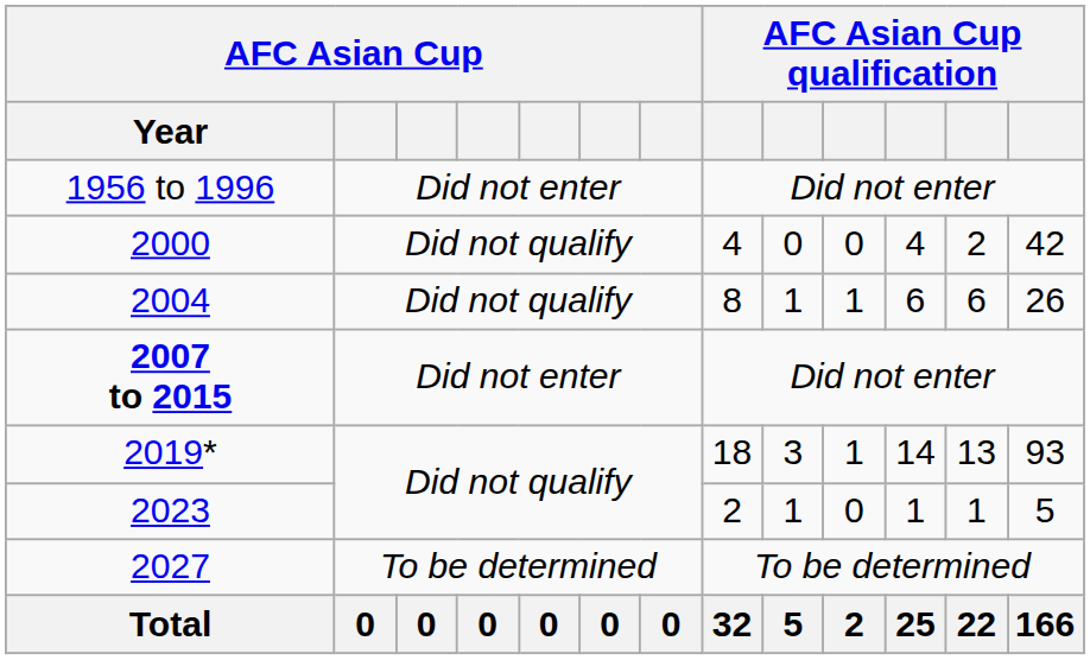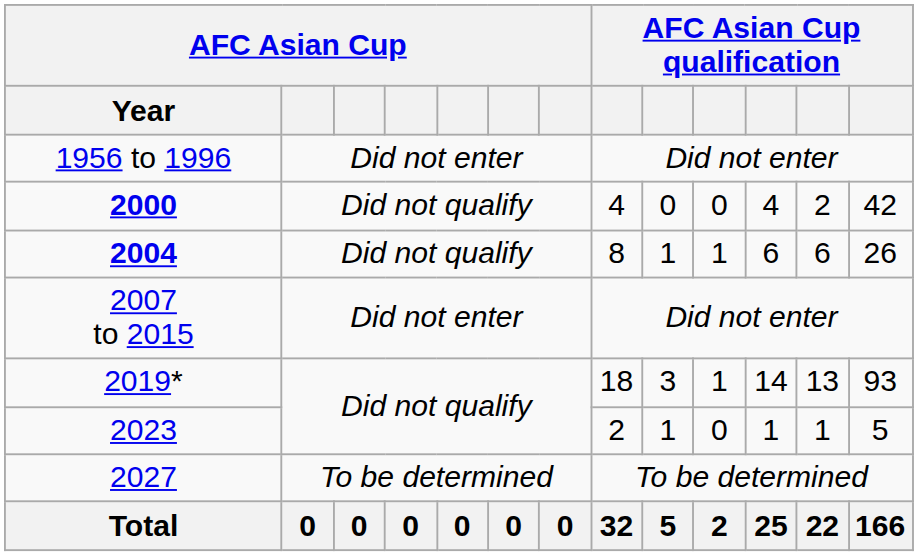 <table class="wikitable" style="text-align: center;">
 <tr>
 <th colspan=7><a href='#'>AFC Asian Cup</a></th>
 <th colspan=6><a href='#'>AFC Asian Cup qualification</a></th>
 </tr>
 <tr>
 <th width=140>Year</th>
 <th width=20></th>
 <th width=20></th>
 <th width=20></th>
 <th width=20></th>
 <th width=20></th>
 <th width=20></th>
 <th width=20></th>
 <th width=20></th>
 <th width=20></th>
 <th width=20></th>
 <th width=20></th>
 <th width=20></th>
 </tr>
 <tr>
 <td> <a href='#'>1956</a> to  <a href='#'>1996</a></td>
 <td textalign="centre"; colspan="6"><em>Did not enter</em></td>
 <td textalign="centre"; colspan="6"><em>Did not enter</em></td>
 </tr>
 <tr>
-<td> <a href='#'>2000</a></td>
+<td><strong> <a href='#'>2000</a></strong></td>
 <td textalign="centre"; colspan="6"><em>Did not qualify</em></td>
 <td>4</td>
 <td>0</td>
 <td>0</td>
 <td>4</td>
 <td>2</td>
 <td>42</td>
 </tr>
 <tr>
-<td> <a href='#'>2004</a></td>
+<td><strong> <a href='#'>2004</a></strong></td>
 <td textalign="centre"; colspan="6"><em>Did not qualify</em></td>
 <td>8</td>
 <td>1</td>
 <td>1</td>
 <td>6</td>
 <td>6</td>
 <td>26</td>
 </tr>
 <tr>
-<td><strong>    <a href='#'>2007</a><br>to  <a href='#'>2015</a></strong></td>
+<td>    <a href='#'>2007</a><br>to  <a href='#'>2015</a></td>
 <td textalign="centre"; colspan="6"><em>Did not enter</em></td>
 <td textalign="centre"; colspan="6"><em>Did not enter</em></td>
 </tr>
 <tr>
 <td> <a href='#'>2019</a>*</td>
 <td textalign="centre"; colspan="6" rowspan="2"><em>Did not qualify</em></td>
 <td>18</td>
 <td>3</td>
 <td>1</td>
 <td>14</td>
 <td>13</td>
 <td>93</td>
 </tr>
 <tr>
 <td> <a href='#'>2023</a></td>
 <td>2</td>
 <td>1</td>
 <td>0</td>
 <td>1</td>
 <td>1</td>
 <td>5</td>
 </tr>
 <tr>
 <td> <a href='#'>2027</a></td>
 <td colspan="6"><em>To be determined</em></td>
 <td colspan=6><em>To be determined</em></td>
 </tr>
 <tr>
 <th><strong>Total</strong></th>
 <th><strong>0</strong></th>
 <th><strong>0</strong></th>
 <th><strong>0</strong></th>
 <th><strong>0</strong></th>
 <th><strong>0</strong></th>
 <th><strong>0</strong></th>
 <th><strong>32</strong></th>
 <th><strong>5</strong></th>
 <th><strong>2</strong></th>
 <th><strong>25</strong></th>
 <th><strong>22</strong></th>
 <th><strong>166</strong></th>
 </tr>
 </table>
